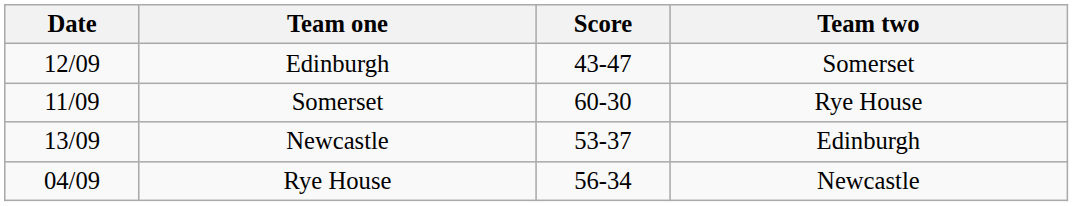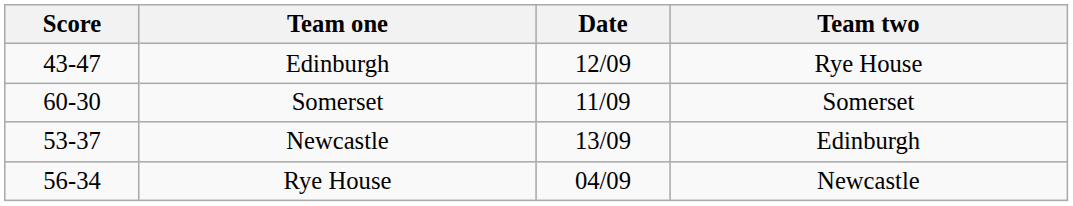 <table class="wikitable" style="text-align: center">
 <tr>
+<th width=80>Score</th>
+<th width=250>Team one</th>
 <th width=80>Date</th>
-<th width=250>Team one</th>
-<th width=80>Score</th>
 <th width=250>Team two</th>
 </tr>
 <tr>
+<td>43-47</td>
+<td>Edinburgh</td>
 <td>12/09</td>
-<td>Edinburgh</td>
-<td>43-47</td>
+<td>Rye House</td>
+</tr>
+<tr>
+<td>60-30</td>
+<td>Somerset</td>
+<td>11/09</td>
 <td>Somerset</td>
 </tr>
 <tr>
-<td>11/09</td>
-<td>Somerset</td>
-<td>60-30</td>
-<td>Rye House</td>
-</tr>
-<tr>
+<td>53-37</td>
+<td>Newcastle</td>
 <td>13/09</td>
-<td>Newcastle</td>
-<td>53-37</td>
 <td>Edinburgh</td>
 </tr>
 <tr>
+<td>56-34</td>
+<td>Rye House</td>
 <td>04/09</td>
-<td>Rye House</td>
-<td>56-34</td>
 <td>Newcastle</td>
 </tr>
 </table>
